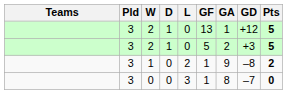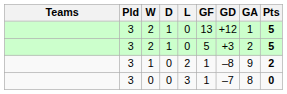 <table class="wikitable" style="text-align: center;">
 <tr>
 <th width=165>Teams</th>
 <th width=20>Pld</th>
 <th width=20>W</th>
 <th width=20>D</th>
 <th width=20>L</th>
 <th width=20>GF</th>
+<th width=20>GD</th>
 <th width=20>GA</th>
-<th width=20>GD</th>
 <th width=20>Pts</th>
 </tr>
 <tr align=center style="background:#ccffcc;">
 <td style="text-align:left;"></td>
 <td>3</td>
 <td>2</td>
 <td>1</td>
 <td>0</td>
 <td>13</td>
+<td>+12</td>
 <td>1</td>
-<td>+12</td>
 <td><strong>5</strong></td>
 </tr>
 <tr align=center style="background:#ccffcc;">
 <td style="text-align:left;"></td>
 <td>3</td>
 <td>2</td>
 <td>1</td>
 <td>0</td>
 <td>5</td>
+<td>+3</td>
 <td>2</td>
-<td>+3</td>
 <td><strong>5</strong></td>
 </tr>
 <tr align=center>
 <td style="text-align:left;"></td>
 <td>3</td>
 <td>1</td>
 <td>0</td>
 <td>2</td>
 <td>1</td>
+<td>–8</td>
 <td>9</td>
-<td>–8</td>
 <td><strong>2</strong></td>
 </tr>
 <tr align=center>
 <td style="text-align:left;"></td>
 <td>3</td>
 <td>0</td>
 <td>0</td>
 <td>3</td>
 <td>1</td>
+<td>–7</td>
 <td>8</td>
-<td>–7</td>
 <td><strong>0</strong></td>
 </tr>
 </table>
